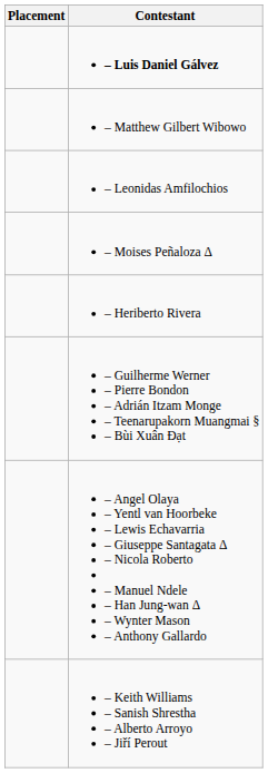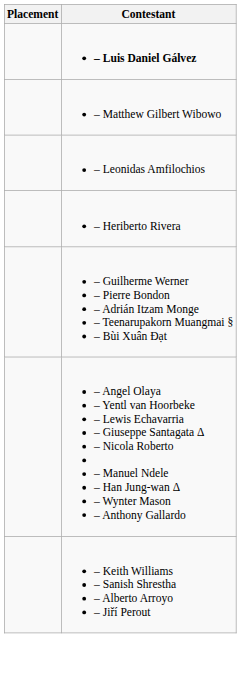 <table class="wikitable sortable" style="font-size: 95%;">
 <tr>
 <th>Placement</th>
 <th>Contestant</th>
 </tr>
 <tr>
 <td></td>
 <td><br><ul><li><strong> – Luis Daniel Gálvez</strong></li></ul></td>
 </tr>
 <tr>
 <td></td>
 <td><br><ul><li> – Matthew Gilbert Wibowo</li></ul></td>
 </tr>
 <tr>
 <td></td>
 <td><br><ul><li> – Leonidas Amfilochios</li></ul></td>
 </tr>
 <tr>
 <td></td>
-<td><br><ul><li> – Moises Peñaloza Δ</li></ul></td>
-</tr>
-<tr>
-<td></td>
 <td><br><ul><li> – Heriberto Rivera</li></ul></td>
 </tr>
 <tr>
 <td><br></td>
 <td><br><ul><li> – Guilherme Werner</li><li> – Pierre Bondon</li><li> – Adrián Itzam Monge</li><li> – Teenarupakorn Muangmai §</li><li> – Bùi Xuân Đạt</li></ul></td>
 </tr>
 <tr>
 <td><br></td>
 <td><br><ul><li> – Angel Olaya</li><li> – Yentl van Hoorbeke</li><li> – Lewis Echavarria</li><li> – Giuseppe Santagata Δ</li><li> – Nicola Roberto</li><li></li><li> – Manuel Ndele</li><li> – Han Jung-wan Δ</li><li> – Wynter Mason</li><li> – Anthony Gallardo</li></ul></td>
 </tr>
 <tr>
 <td><br> </td>
 <td><br><ul><li> – Keith Williams</li><li> – Sanish Shrestha</li><li> – Alberto Arroyo</li><li> – Jiří Perout</li></ul></td>
 </tr>
 </table>
